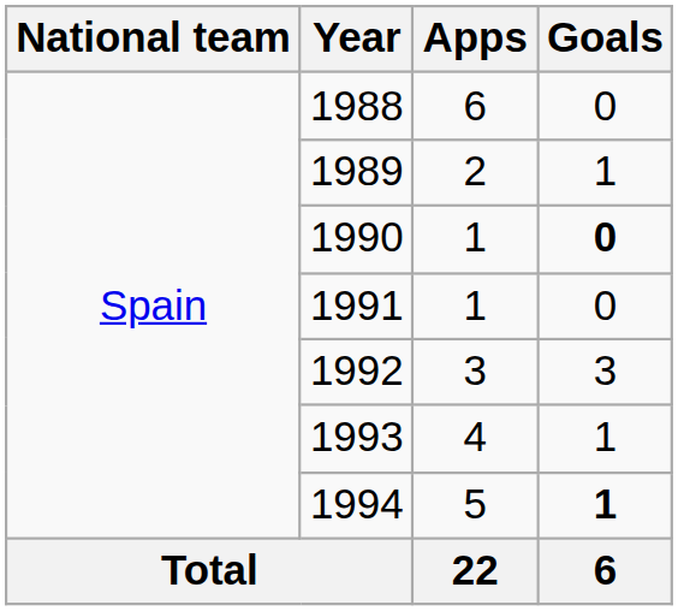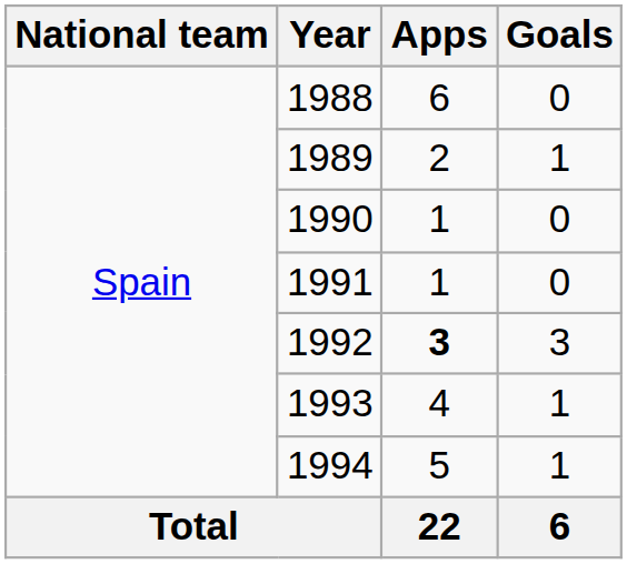 <table class="wikitable" style="text-align:center">
 <tr>
 <th>National team</th>
 <th>Year</th>
 <th>Apps</th>
 <th>Goals</th>
 </tr>
 <tr>
 <td rowspan="7"><a href='#'>Spain</a></td>
 <td>1988</td>
 <td>6</td>
 <td>0</td>
 </tr>
 <tr>
 <td>1989</td>
 <td>2</td>
 <td>1</td>
 </tr>
 <tr>
 <td>1990</td>
 <td>1</td>
-<td><strong>0</strong></td>
+<td>0</td>
 </tr>
 <tr>
 <td>1991</td>
 <td>1</td>
 <td>0</td>
 </tr>
 <tr>
 <td>1992</td>
-<td>3</td>
+<td><strong>3</strong></td>
 <td>3</td>
 </tr>
 <tr>
 <td>1993</td>
 <td>4</td>
 <td>1</td>
 </tr>
 <tr>
 <td>1994</td>
 <td>5</td>
-<td><strong>1</strong></td>
+<td>1</td>
 </tr>
 <tr>
 <th colspan="2">Total</th>
 <th>22</th>
 <th>6</th>
 </tr>
 </table>
